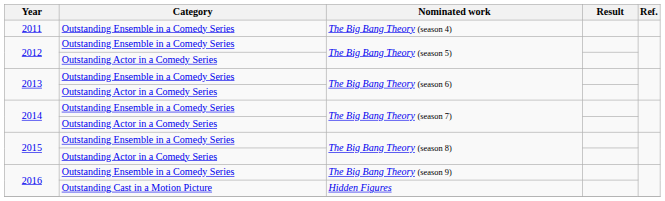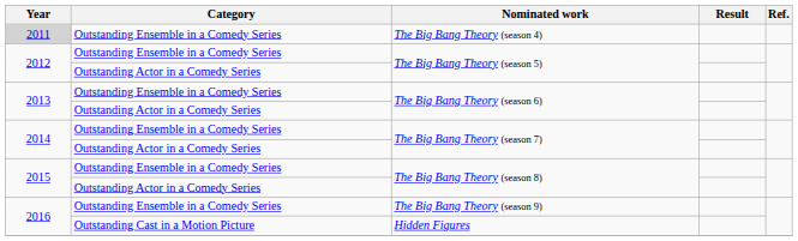 <table class=wikitable>
 <tr>
 <th scope="col" style="width:5em;">Year</th>
 <th scope="col" style="width:26em;">Category</th>
 <th scope="col" style="width:25em;">Nominated work</th>
 <th scope="col" style="width:5em;">Result</th>
 <th>Ref.</th>
 </tr>
 <tr>
-<td style="text-align:center;"><a href='#'>2011</a></td>
+<td style="background: lightgrey; text-align:center;"><a href='#'>2011</a></td>
 <td><a href='#'>Outstanding Ensemble in a Comedy Series</a></td>
 <td><em><a href='#'>The Big Bang Theory</a></em> <small>(season 4) </small></td>
 <td></td>
 <td style="text-align:center;"></td>
 </tr>
 <tr>
 <td style="text-align:center;", rowspan=2><a href='#'>2012</a></td>
 <td><a href='#'>Outstanding Ensemble in a Comedy Series</a></td>
 <td rowspan=2><em><a href='#'>The Big Bang Theory</a></em> <small>(season 5) </small></td>
 <td></td>
 <td style="text-align:center;", rowspan=2></td>
 </tr>
 <tr>
 <td><a href='#'>Outstanding Actor in a Comedy Series</a></td>
 <td></td>
 </tr>
 <tr>
 <td style="text-align:center;", rowspan="2"><a href='#'>2013</a></td>
 <td><a href='#'>Outstanding Ensemble in a Comedy Series</a></td>
 <td rowspan=2><em><a href='#'>The Big Bang Theory</a></em> <small>(season 6) </small></td>
 <td></td>
 <td style="text-align:center;", rowspan=2></td>
 </tr>
 <tr>
 <td><a href='#'>Outstanding Actor in a Comedy Series</a></td>
 <td></td>
 </tr>
 <tr>
 <td style="text-align:center;", rowspan="2"><a href='#'>2014</a></td>
 <td><a href='#'>Outstanding Ensemble in a Comedy Series</a></td>
 <td rowspan=2><em><a href='#'>The Big Bang Theory</a></em> <small>(season 7) </small></td>
 <td></td>
 <td style="text-align:center;", rowspan=2></td>
 </tr>
 <tr>
 <td><a href='#'>Outstanding Actor in a Comedy Series</a></td>
 <td></td>
 </tr>
 <tr>
 <td style="text-align:center;", rowspan="2"><a href='#'>2015</a></td>
 <td><a href='#'>Outstanding Ensemble in a Comedy Series</a></td>
 <td rowspan=2><em><a href='#'>The Big Bang Theory</a></em> <small>(season 8) </small></td>
 <td></td>
 <td style="text-align:center;", rowspan=2></td>
 </tr>
 <tr>
 <td><a href='#'>Outstanding Actor in a Comedy Series</a></td>
 <td></td>
 </tr>
 <tr>
 <td style="text-align:center;", rowspan="2"><a href='#'>2016</a></td>
 <td><a href='#'>Outstanding Ensemble in a Comedy Series</a></td>
 <td><em><a href='#'>The Big Bang Theory</a></em> <small>(season 9) </small></td>
 <td></td>
 <td style="text-align:center;", rowspan=2></td>
 </tr>
 <tr>
 <td><a href='#'>Outstanding Cast in a Motion Picture</a></td>
 <td><em><a href='#'>Hidden Figures</a></em></td>
 <td></td>
 </tr>
 <tr>
 </tr>
 </table>
